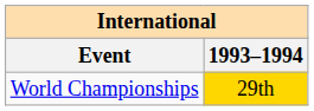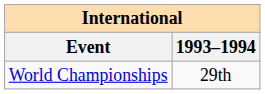 <table class="wikitable" style="text-align:center">
 <tr>
 <th style="background-color: #ffdead; " colspan=2 align=center>International</th>
 </tr>
 <tr>
 <th>Event</th>
 <th>1993–1994</th>
 </tr>
 <tr>
 <td align=left><a href='#'>World Championships</a></td>
-<td style="background: gold;">29th</td>
+<td>29th</td>
 </tr>
 </table>
